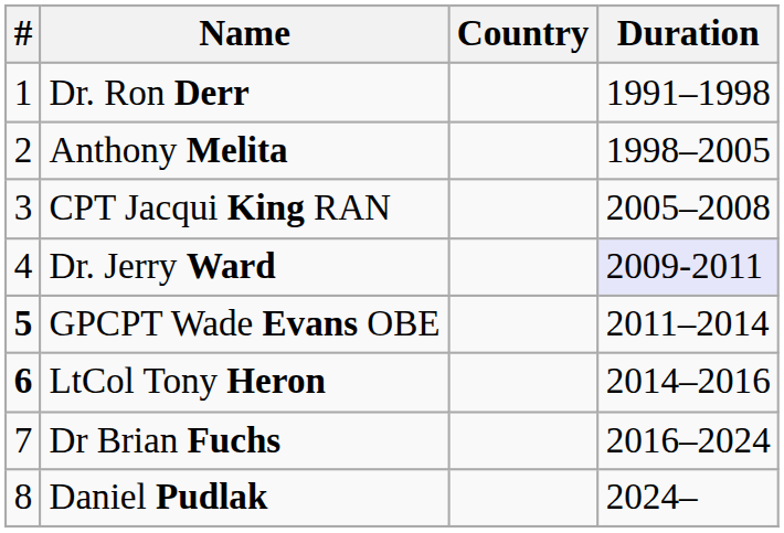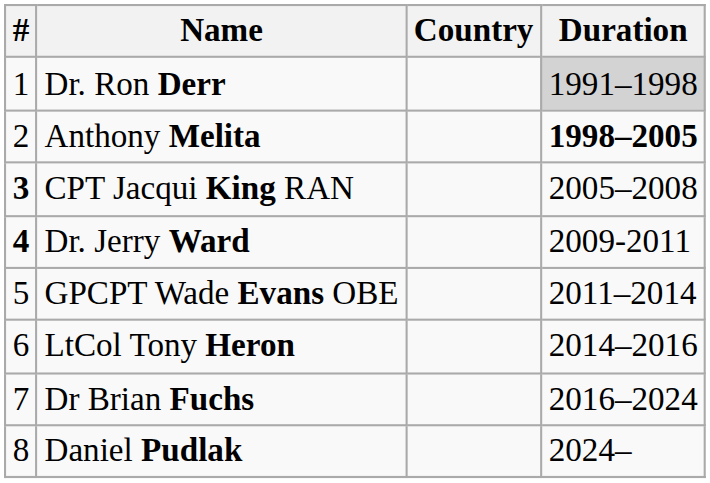 <table class="wikitable">
 <tr>
 <th>#</th>
 <th>Name</th>
 <th>Country</th>
 <th>Duration</th>
 </tr>
 <tr>
 <td>1</td>
 <td>Dr. Ron <strong>Derr</strong></td>
 <td></td>
-<td>1991–1998</td>
+<td style="background: lightgrey;">1991–1998</td>
 </tr>
 <tr>
 <td>2</td>
 <td>Anthony <strong>Melita</strong></td>
 <td></td>
-<td>1998–2005</td>
+<td><strong>1998–2005</strong></td>
 </tr>
 <tr>
-<td>3</td>
+<td><strong>3</strong></td>
 <td>CPT Jacqui <strong>King</strong> RAN</td>
 <td></td>
 <td>2005–2008</td>
 </tr>
 <tr>
-<td>4</td>
+<td><strong>4</strong></td>
 <td>Dr. Jerry <strong>Ward</strong></td>
 <td></td>
-<td style="background: lavender;">2009-2011</td>
+<td>2009-2011</td>
 </tr>
 <tr>
-<td><strong>5</strong></td>
+<td>5</td>
 <td>GPCPT Wade <strong>Evans</strong> OBE</td>
 <td></td>
 <td>2011–2014</td>
 </tr>
 <tr>
-<td><strong>6</strong></td>
+<td>6</td>
 <td>LtCol Tony <strong>Heron</strong></td>
 <td></td>
 <td>2014–2016</td>
 </tr>
 <tr>
 <td>7</td>
 <td>Dr Brian <strong>Fuchs</strong></td>
 <td></td>
 <td>2016–2024</td>
 </tr>
 <tr>
 <td>8</td>
 <td>Daniel <strong>Pudlak</strong></td>
 <td></td>
 <td>2024–</td>
 </tr>
 <tr>
 </tr>
 </table>
